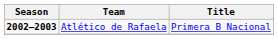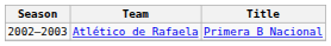 <table class="wikitable">
 <tr>
 <th>Season</th>
 <th>Team</th>
 <th>Title</th>
 </tr>
 <tr>
-<td><strong>2002–2003</strong></td>
+<td>2002–2003</td>
 <td><a href='#'>Atlético de Rafaela</a></td>
 <td><a href='#'>Primera B Nacional</a></td>
 </tr>
 <tr>
 </tr>
 </table>
